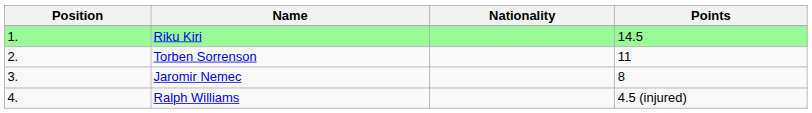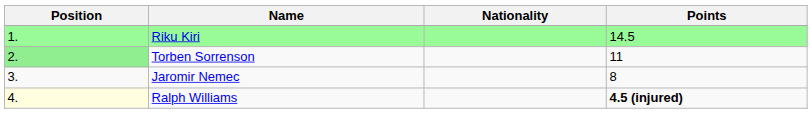 <table class="wikitable" style="display: inline-table; width: 50%;">
 <tr>
 <th>Position</th>
 <th>Name</th>
 <th>Nationality</th>
 <th>Points</th>
 </tr>
 <tr>
 </tr>
 <tr bgcolor=palegreen>
 <td>1.</td>
 <td><a href='#'>Riku Kiri</a></td>
 <td></td>
 <td>14.5</td>
 </tr>
 <tr>
-<td>2.</td>
+<td style="background: lightgreen;">2.</td>
 <td><a href='#'>Torben Sorrenson</a></td>
 <td></td>
 <td>11</td>
 </tr>
 <tr>
 <td>3.</td>
 <td><a href='#'>Jaromir Nemec</a></td>
 <td></td>
 <td>8</td>
 </tr>
 <tr>
-<td>4.</td>
+<td style="background: lightyellow;">4.</td>
 <td><a href='#'>Ralph Williams</a></td>
 <td></td>
-<td>4.5 (injured)</td>
+<td><strong>4.5 (injured)</strong></td>
 </tr>
 </table>
